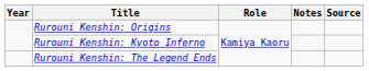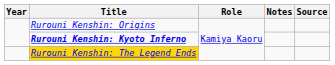 <table class="wikitable sortable plainrowheaders">
 <tr>
 <th>Year</th>
 <th>Title</th>
 <th>Role</th>
 <th class="unsortable">Notes</th>
 <th class="unsortable">Source</th>
 </tr>
 <tr>
 <td rowspan="2"></td>
 <td><em><a href='#'>Rurouni Kenshin: Origins</a></em></td>
 <td rowspan="3"><a href='#'>Kamiya Kaoru</a></td>
 <td></td>
 <td></td>
 </tr>
 <tr>
-<td><em><a href='#'>Rurouni Kenshin: Kyoto Inferno</a></em></td>
+<td><strong><em><a href='#'>Rurouni Kenshin: Kyoto Inferno</a></em></strong></td>
 <td></td>
 <td></td>
 </tr>
 <tr>
 <td></td>
-<td><em><a href='#'>Rurouni Kenshin: The Legend Ends</a></em></td>
+<td style="background: gold;"><em><a href='#'>Rurouni Kenshin: The Legend Ends</a></em></td>
 <td></td>
 <td></td>
 </tr>
 </table>
